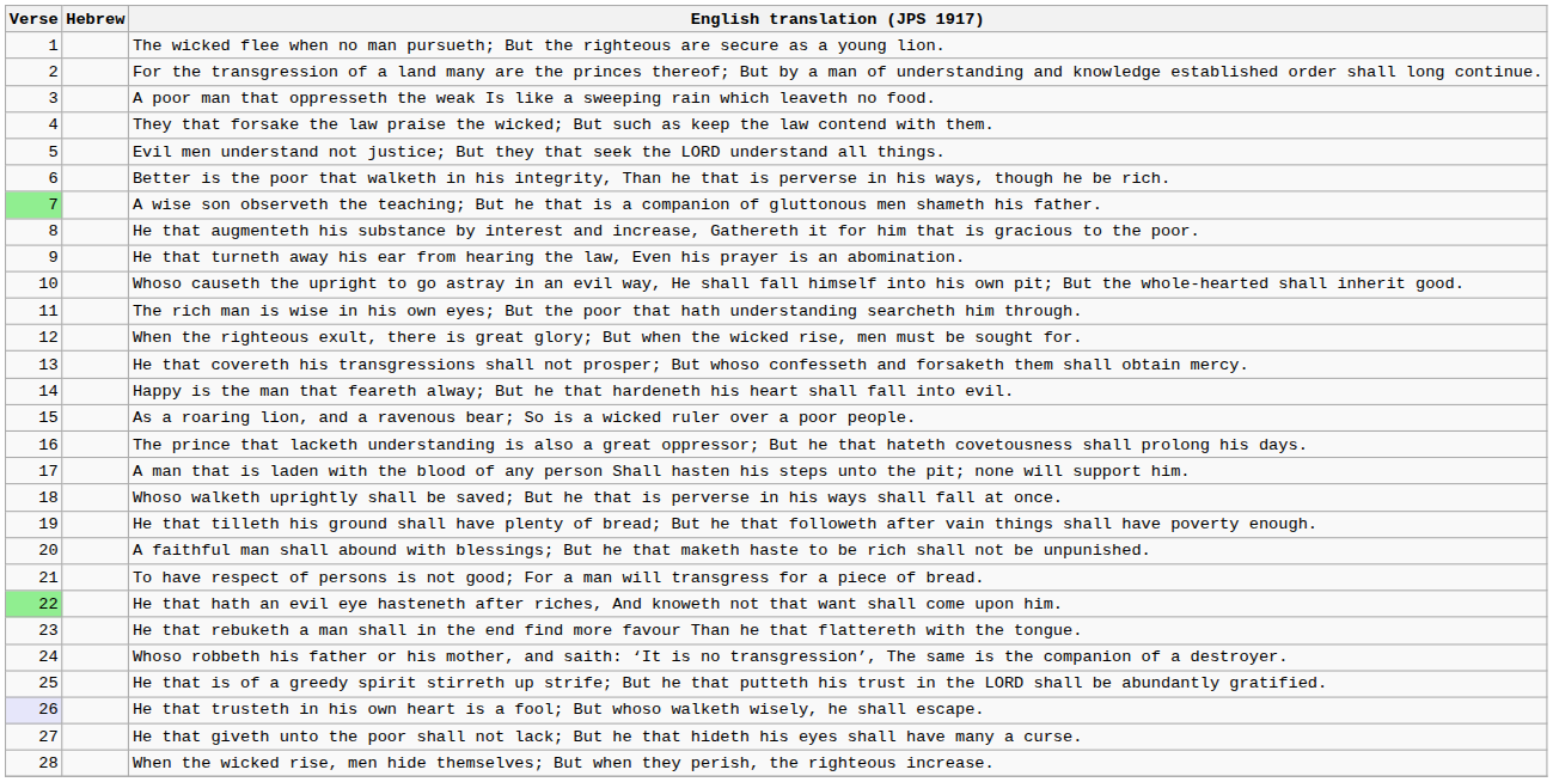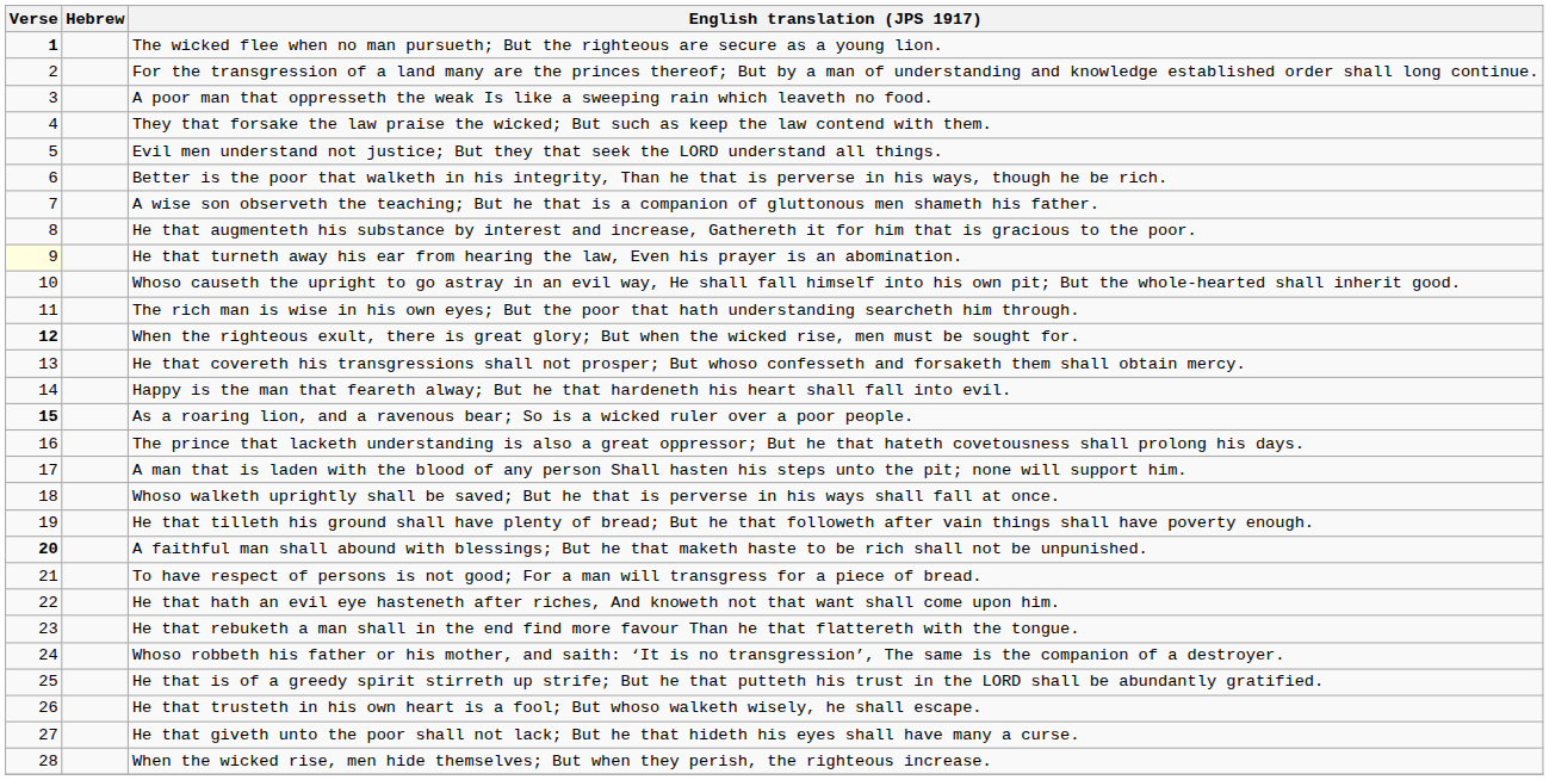 <table class="wikitable">
 <tr>
 <th>Verse</th>
 <th>Hebrew</th>
 <th>English translation (JPS 1917)</th>
 </tr>
 <tr>
-<td style="text-align:right">1</td>
+<td style="text-align:right"><strong>1</strong></td>
 <td style="text-align:right"></td>
 <td>The wicked flee when no man pursueth; But the righteous are secure as a young lion.</td>
 </tr>
 <tr>
 <td style="text-align:right">2</td>
 <td style="text-align:right"></td>
 <td>For the transgression of a land many are the princes thereof; But by a man of understanding and knowledge established order shall long continue.</td>
 </tr>
 <tr>
 <td style="text-align:right">3</td>
 <td style="text-align:right"></td>
 <td>A poor man that oppresseth the weak Is like a sweeping rain which leaveth no food.</td>
 </tr>
 <tr>
 <td style="text-align:right">4</td>
 <td style="text-align:right"></td>
 <td>They that forsake the law praise the wicked; But such as keep the law contend with them.</td>
 </tr>
 <tr>
 <td style="text-align:right">5</td>
 <td style="text-align:right"></td>
 <td>Evil men understand not justice; But they that seek the LORD understand all things.</td>
 </tr>
 <tr>
 <td style="text-align:right">6</td>
 <td style="text-align:right"></td>
 <td>Better is the poor that walketh in his integrity, Than he that is perverse in his ways, though he be rich.</td>
 </tr>
 <tr>
-<td style="background: lightgreen; text-align:right">7</td>
+<td style="text-align:right">7</td>
 <td style="text-align:right"></td>
 <td>A wise son observeth the teaching; But he that is a companion of gluttonous men shameth his father.</td>
 </tr>
 <tr>
 <td style="text-align:right">8</td>
 <td style="text-align:right"></td>
 <td>He that augmenteth his substance by interest and increase, Gathereth it for him that is gracious to the poor.</td>
 </tr>
 <tr>
-<td style="text-align:right">9</td>
+<td style="background: lightyellow; text-align:right">9</td>
 <td style="text-align:right"></td>
 <td>He that turneth away his ear from hearing the law, Even his prayer is an abomination.</td>
 </tr>
 <tr>
 <td style="text-align:right">10</td>
 <td style="text-align:right"></td>
 <td>Whoso causeth the upright to go astray in an evil way, He shall fall himself into his own pit; But the whole-hearted shall inherit good.</td>
 </tr>
 <tr>
 <td style="text-align:right">11</td>
 <td style="text-align:right"></td>
 <td>The rich man is wise in his own eyes; But the poor that hath understanding searcheth him through.</td>
 </tr>
 <tr>
-<td style="text-align:right">12</td>
+<td style="text-align:right"><strong>12</strong></td>
 <td style="text-align:right"></td>
 <td>When the righteous exult, there is great glory; But when the wicked rise, men must be sought for.</td>
 </tr>
 <tr>
 <td style="text-align:right">13</td>
 <td style="text-align:right"></td>
 <td>He that covereth his transgressions shall not prosper; But whoso confesseth and forsaketh them shall obtain mercy.</td>
 </tr>
 <tr>
 <td style="text-align:right">14</td>
 <td style="text-align:right"></td>
 <td>Happy is the man that feareth alway; But he that hardeneth his heart shall fall into evil.</td>
 </tr>
 <tr>
-<td style="text-align:right">15</td>
+<td style="text-align:right"><strong>15</strong></td>
 <td style="text-align:right"></td>
 <td>As a roaring lion, and a ravenous bear; So is a wicked ruler over a poor people.</td>
 </tr>
 <tr>
 <td style="text-align:right">16</td>
 <td style="text-align:right"></td>
 <td>The prince that lacketh understanding is also a great oppressor; But he that hateth covetousness shall prolong his days.</td>
 </tr>
 <tr>
 <td style="text-align:right">17</td>
 <td style="text-align:right"></td>
 <td>A man that is laden with the blood of any person Shall hasten his steps unto the pit; none will support him.</td>
 </tr>
 <tr>
 <td style="text-align:right">18</td>
 <td style="text-align:right"></td>
 <td>Whoso walketh uprightly shall be saved; But he that is perverse in his ways shall fall at once.</td>
 </tr>
 <tr>
 <td style="text-align:right">19</td>
 <td style="text-align:right"></td>
 <td>He that tilleth his ground shall have plenty of bread; But he that followeth after vain things shall have poverty enough.</td>
 </tr>
 <tr>
-<td style="text-align:right">20</td>
+<td style="text-align:right"><strong>20</strong></td>
 <td style="text-align:right"></td>
 <td>A faithful man shall abound with blessings; But he that maketh haste to be rich shall not be unpunished.</td>
 </tr>
 <tr>
 <td style="text-align:right">21</td>
 <td style="text-align:right"></td>
 <td>To have respect of persons is not good; For a man will transgress for a piece of bread.</td>
 </tr>
 <tr>
-<td style="background: lightgreen; text-align:right">22</td>
+<td style="text-align:right">22</td>
 <td style="text-align:right"></td>
 <td>He that hath an evil eye hasteneth after riches, And knoweth not that want shall come upon him.</td>
 </tr>
 <tr>
 <td style="text-align:right">23</td>
 <td style="text-align:right"></td>
 <td>He that rebuketh a man shall in the end find more favour Than he that flattereth with the tongue.</td>
 </tr>
 <tr>
 <td style="text-align:right">24</td>
 <td style="text-align:right"></td>
 <td>Whoso robbeth his father or his mother, and saith: ‘It is no transgression’, The same is the companion of a destroyer.</td>
 </tr>
 <tr>
 <td style="text-align:right">25</td>
 <td style="text-align:right"></td>
 <td>He that is of a greedy spirit stirreth up strife; But he that putteth his trust in the LORD shall be abundantly gratified.</td>
 </tr>
 <tr>
-<td style="background: lavender; text-align:right">26</td>
+<td style="text-align:right">26</td>
 <td style="text-align:right"></td>
 <td>He that trusteth in his own heart is a fool; But whoso walketh wisely, he shall escape.</td>
 </tr>
 <tr>
 <td style="text-align:right">27</td>
 <td style="text-align:right"></td>
 <td>He that giveth unto the poor shall not lack; But he that hideth his eyes shall have many a curse.</td>
 </tr>
 <tr>
 <td style="text-align:right">28</td>
 <td style="text-align:right"></td>
 <td>When the wicked rise, men hide themselves; But when they perish, the righteous increase.</td>
 </tr>
 <tr>
 </tr>
 </table>
